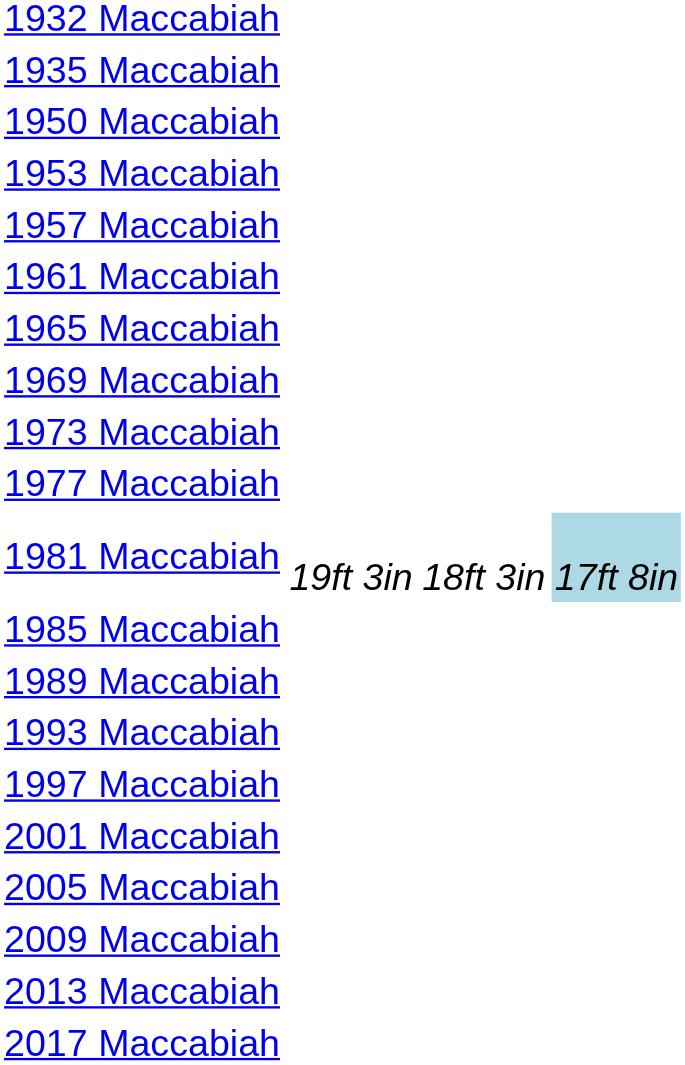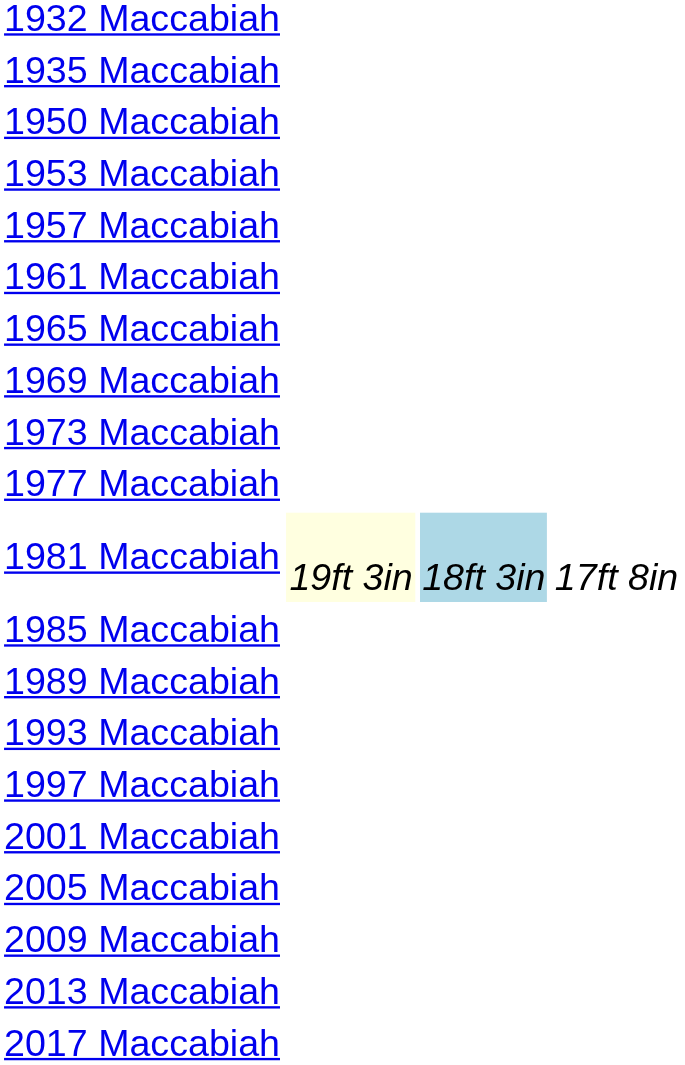 <table>
 <tr valign="top">
 <td><a href='#'>1932 Maccabiah</a></td>
 <td></td>
 <td></td>
 <td></td>
 </tr>
 <tr>
 <td><a href='#'>1935 Maccabiah</a></td>
 <td></td>
 <td></td>
 <td></td>
 </tr>
 <tr>
 <td><a href='#'>1950 Maccabiah</a></td>
 <td></td>
 <td></td>
 <td></td>
 </tr>
 <tr>
 <td><a href='#'>1953 Maccabiah</a></td>
 <td></td>
 <td></td>
 <td></td>
 </tr>
 <tr>
 <td><a href='#'>1957 Maccabiah</a></td>
 <td></td>
 <td></td>
 <td></td>
 </tr>
 <tr>
 <td><a href='#'>1961 Maccabiah</a></td>
 <td></td>
 <td></td>
 <td></td>
 </tr>
 <tr>
 <td><a href='#'>1965 Maccabiah</a></td>
 <td></td>
 <td></td>
 <td></td>
 </tr>
 <tr>
 <td><a href='#'>1969 Maccabiah</a></td>
 <td></td>
 <td></td>
 <td></td>
 </tr>
 <tr>
 <td><a href='#'>1973 Maccabiah</a></td>
 <td></td>
 <td></td>
 <td></td>
 </tr>
 <tr>
 <td><a href='#'>1977 Maccabiah</a></td>
 <td></td>
 <td></td>
 <td></td>
 </tr>
 <tr>
 <td><a href='#'>1981 Maccabiah</a></td>
-<td><br><em>19ft 3in</em></td>
-<td><br><em>18ft 3in</em></td>
-<td style="background: lightblue;"><br><em>17ft 8in</em></td>
+<td style="background: lightyellow;"><br><em>19ft 3in</em></td>
+<td style="background: lightblue;"><br><em>18ft 3in</em></td>
+<td><br><em>17ft 8in</em></td>
 </tr>
 <tr>
 <td><a href='#'>1985 Maccabiah</a></td>
 <td></td>
 <td></td>
 <td></td>
 </tr>
 <tr>
 <td><a href='#'>1989 Maccabiah</a></td>
 <td></td>
 <td></td>
 <td></td>
 </tr>
 <tr>
 <td><a href='#'>1993 Maccabiah</a></td>
 <td></td>
 <td></td>
 <td></td>
 </tr>
 <tr>
 <td><a href='#'>1997 Maccabiah</a></td>
 <td></td>
 <td></td>
 <td></td>
 </tr>
 <tr>
 <td><a href='#'>2001 Maccabiah</a></td>
 <td></td>
 <td></td>
 <td></td>
 </tr>
 <tr>
 <td><a href='#'>2005 Maccabiah</a></td>
 <td></td>
 <td></td>
 <td></td>
 </tr>
 <tr>
 <td><a href='#'>2009 Maccabiah</a></td>
 <td></td>
 <td></td>
 <td></td>
 </tr>
 <tr>
 <td><a href='#'>2013 Maccabiah</a></td>
 <td></td>
 <td></td>
 <td></td>
 </tr>
 <tr>
 <td><a href='#'>2017 Maccabiah</a></td>
 <td></td>
 <td></td>
 <td></td>
 </tr>
 </table>
